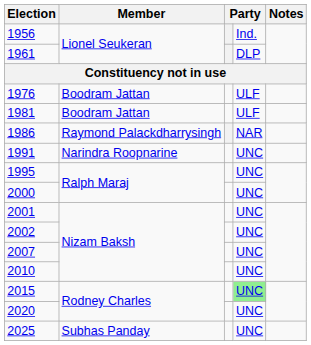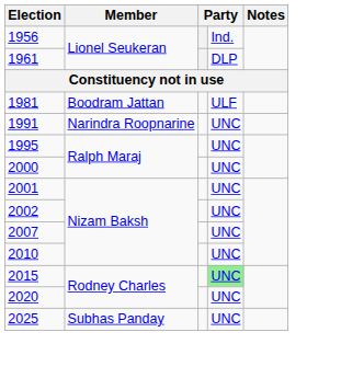 <table class="wikitable sortable">
 <tr>
 <th>Election</th>
 <th>Member</th>
 <th colspan="2">Party</th>
 <th>Notes</th>
 </tr>
 <tr>
 <td><a href='#'>1956</a></td>
 <td rowspan="2"><a href='#'>Lionel Seukeran</a></td>
 <th class="unsortable" style="background-color: "></th>
 <td><a href='#'>Ind.</a></td>
 <td rowspan="2"></td>
 </tr>
 <tr>
 <td><a href='#'>1961</a></td>
 <th style="background-color: "></th>
 <td><a href='#'>DLP</a></td>
 </tr>
 <tr>
 <th colspan="5">Constituency not in use</th>
 </tr>
 <tr>
-<td><a href='#'>1976</a></td>
-<td><a href='#'>Boodram Jattan</a></td>
-<td style="background:"> </td>
-<td><a href='#'>ULF</a></td>
-<td></td>
-</tr>
-<tr>
 <td><a href='#'>1981</a></td>
 <td><a href='#'>Boodram Jattan</a></td>
 <td style="background:"> </td>
 <td><a href='#'>ULF</a></td>
-<td></td>
-</tr>
-<tr>
-<td><a href='#'>1986</a></td>
-<td><a href='#'>Raymond Palackdharrysingh</a></td>
-<th style="background-color: "></th>
-<td><a href='#'>NAR</a></td>
 <td></td>
 </tr>
 <tr>
 <td><a href='#'>1991</a></td>
 <td><a href='#'>Narindra Roopnarine</a></td>
 <td style="background:"> </td>
 <td><a href='#'>UNC</a></td>
 <td></td>
 </tr>
 <tr>
 <td><a href='#'>1995</a></td>
 <td rowspan="2"><a href='#'>Ralph Maraj</a></td>
 <td style="background:"> </td>
 <td><a href='#'>UNC</a></td>
 <td rowspan="2"></td>
 </tr>
 <tr>
 <td><a href='#'>2000</a></td>
 <td style="background:"> </td>
 <td><a href='#'>UNC</a></td>
 </tr>
 <tr>
 <td><a href='#'>2001</a></td>
 <td rowspan="4"><a href='#'>Nizam Baksh</a></td>
 <td style="background:"> </td>
 <td><a href='#'>UNC</a></td>
 <td rowspan="4"></td>
 </tr>
 <tr>
 <td><a href='#'>2002</a></td>
 <td style="background:"> </td>
 <td><a href='#'>UNC</a></td>
 </tr>
 <tr>
 <td><a href='#'>2007</a></td>
 <td style="background:"> </td>
 <td><a href='#'>UNC</a></td>
 </tr>
 <tr>
 <td><a href='#'>2010</a></td>
 <td style="background:"> </td>
 <td><a href='#'>UNC</a></td>
 </tr>
 <tr>
 <td><a href='#'>2015</a></td>
 <td rowspan="2"><a href='#'>Rodney Charles</a></td>
 <td style="background:"> </td>
 <td style="background: lightgreen;"><a href='#'>UNC</a></td>
 <td rowspan="2"></td>
 </tr>
 <tr>
 <td><a href='#'>2020</a></td>
 <td style="background:"> </td>
 <td><a href='#'>UNC</a></td>
 </tr>
 <tr>
 <td><a href='#'>2025</a></td>
 <td><a href='#'>Subhas Panday</a></td>
 <td style="background:"> </td>
 <td><a href='#'>UNC</a></td>
 <td></td>
 </tr>
 </table>
